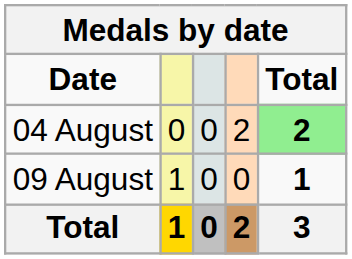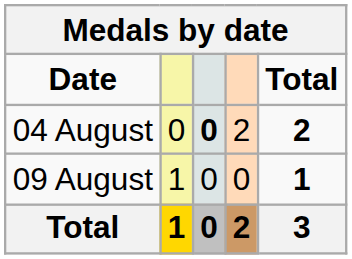 <table class="wikitable" style="font-size:85%">
 <tr bgcolor="#efefef">
 <th colspan=6>Medals by date</th>
 </tr>
 <tr align=center>
 <td><strong>Date</strong></td>
 <td bgcolor=#f7f6a8></td>
 <td bgcolor=#dce5e5></td>
 <td bgcolor=#ffdab9></td>
 <td><strong>Total</strong></td>
 </tr>
 <tr align=center>
 <td>04 August</td>
 <td style="background:#F7F6A8;">0</td>
-<td style="background:#DCE5E5;">0</td>
+<td style="background:#DCE5E5;"><strong>0</strong></td>
 <td style="background:#FFDAB9;">2</td>
-<td style="background: lightgreen;"><strong>2</strong></td>
+<td><strong>2</strong></td>
 </tr>
 <tr align=center>
 <td>09 August</td>
 <td style="background:#F7F6A8;">1</td>
 <td style="background:#DCE5E5;">0</td>
 <td style="background:#FFDAB9;">0</td>
 <td><strong>1</strong></td>
 </tr>
 <tr align=center>
 <th><strong>Total</strong></th>
 <th style="background:gold;"><strong>1</strong></th>
 <th style="background:silver;"><strong>0</strong></th>
 <th style="background:#c96;"><strong>2</strong></th>
 <th>3</th>
 </tr>
 </table>
